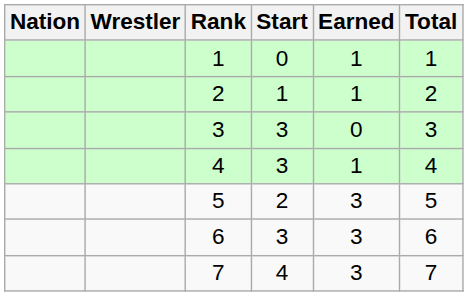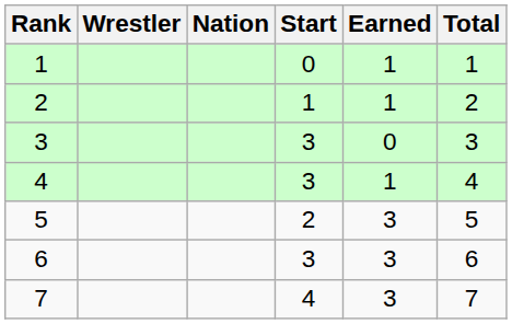 <table class="wikitable sortable" style="text-align:center;">
 <tr>
+<th>Rank</th>
+<th>Wrestler</th>
 <th>Nation</th>
-<th>Wrestler</th>
-<th>Rank</th>
 <th>Start</th>
 <th>Earned</th>
 <th>Total</th>
 </tr>
 <tr style="background:#cfc;">
+<td>1</td>
 <td align=left></td>
 <td align=left></td>
-<td>1</td>
 <td>0</td>
 <td>1</td>
 <td>1</td>
 </tr>
 <tr style="background:#cfc;">
+<td>2</td>
 <td align=left></td>
 <td align=left></td>
-<td>2</td>
 <td>1</td>
 <td>1</td>
 <td>2</td>
 </tr>
 <tr style="background:#cfc;">
+<td>3</td>
 <td align=left></td>
 <td align=left></td>
-<td>3</td>
 <td>3</td>
 <td>0</td>
 <td>3</td>
 </tr>
 <tr style="background:#cfc;">
+<td>4</td>
 <td align=left></td>
 <td align=left></td>
-<td>4</td>
 <td>3</td>
 <td>1</td>
 <td>4</td>
 </tr>
 <tr>
+<td>5</td>
 <td align=left></td>
 <td align=left></td>
-<td>5</td>
 <td>2</td>
 <td>3</td>
 <td>5</td>
 </tr>
 <tr>
+<td>6</td>
 <td align=left></td>
 <td align=left></td>
-<td>6</td>
 <td>3</td>
 <td>3</td>
 <td>6</td>
 </tr>
 <tr>
+<td>7</td>
 <td align=left></td>
 <td align=left></td>
-<td>7</td>
 <td>4</td>
 <td>3</td>
 <td>7</td>
 </tr>
 </table>
